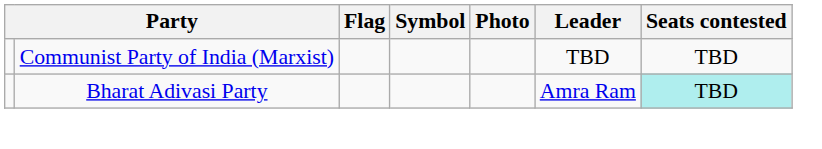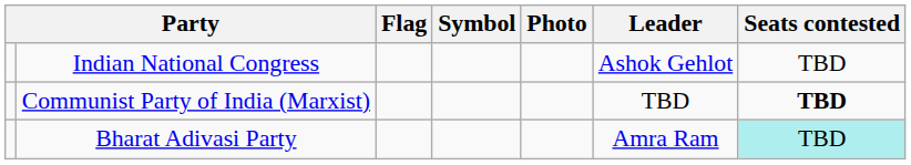 <table class="wikitable" style="text-align:center;">
 <tr>
 <th colspan="2">Party</th>
 <th>Flag</th>
 <th>Symbol</th>
 <th>Photo</th>
 <th>Leader</th>
 <th>Seats contested</th>
 </tr>
 <tr>
 <td></td>
+<td><a href='#'>Indian National Congress</a></td>
+<td></td>
+<td></td>
+<td></td>
+<td><a href='#'>Ashok Gehlot</a></td>
+<td>TBD</td>
+</tr>
+<tr>
+<td></td>
 <td><a href='#'>Communist Party of India (Marxist)</a></td>
 <td></td>
 <td></td>
 <td></td>
 <td>TBD</td>
-<td>TBD</td>
+<td><strong>TBD</strong></td>
 </tr>
 <tr>
 <td></td>
 <td><a href='#'>Bharat Adivasi Party</a></td>
 <td></td>
 <td></td>
 <td></td>
 <td><a href='#'>Amra Ram</a></td>
 <td style="background: paleturquoise;">TBD</td>
 </tr>
 </table>
